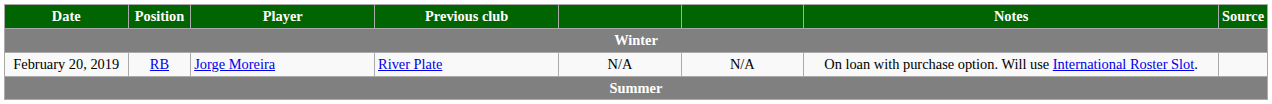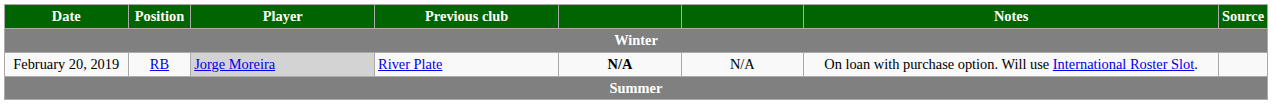 <table class="wikitable" style="text-align:center; font-size:90%; width:100%;">
 <tr>
 <th style="background:darkgreen; color:white; text-align:center; width:10%">Date</th>
 <th style="background:darkgreen; color:white; text-align:center; width:5%">Position</th>
 <th style="background:darkgreen; color:white; text-align:center; width:15%">Player</th>
 <th style="background:darkgreen; color:white; text-align:center; width:15%">Previous club</th>
 <th style="background:darkgreen; color:white; text-align:center; width:10%"></th>
 <th style="background:darkgreen; color:white; text-align:center; width:10%"></th>
 <th style="background:darkgreen; color:white; text-align:center; width:34%">Notes</th>
 <th style="background:darkgreen; color:white; text-align:center; width:1%">Source</th>
 </tr>
 <tr>
 <th colspan="8" style="background:gray; color:white; text-align:center;">Winter</th>
 </tr>
 <tr>
 </tr>
 <tr>
 <td style="text-align:center;">February 20, 2019</td>
 <td style="text-align:center;"><a href='#'>RB</a></td>
-<td align=left> <a href='#'>Jorge Moreira</a></td>
+<td align=left style="background: lightgrey;"> <a href='#'>Jorge Moreira</a></td>
 <td align=left> <a href='#'>River Plate</a></td>
-<td style="text-align:center;">N/A</td>
+<td style="text-align:center;"><strong>N/A</strong></td>
 <td style="text-align:center;">N/A</td>
 <td>On loan with purchase option. Will use <a href='#'>International Roster Slot</a>.</td>
 <td style="text-align:center;"></td>
 </tr>
 <tr>
 </tr>
 <tr>
 <th colspan="8" style="background:gray; color:white; text-align:center;">Summer</th>
 </tr>
 </table>
